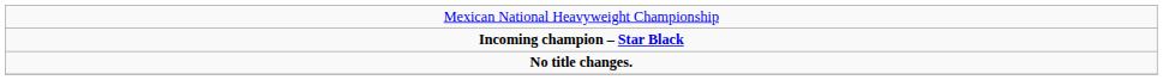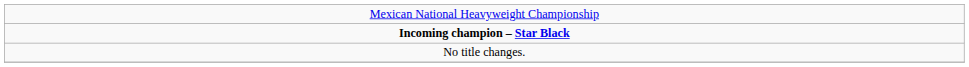 <table class="wikitable" style="text-align:center; width:100%;">
 <tr>
 <td colspan="4" style="text-align: center;"><a href='#'>Mexican National Heavyweight Championship</a></td>
 </tr>
 <tr>
 <td colspan="4" style="text-align: center;"><strong>Incoming champion – <a href='#'>Star Black</a></strong></td>
 </tr>
 <tr>
-<td><strong>No title changes.</strong></td>
+<td>No title changes.</td>
 </tr>
 <tr>
 </tr>
 </table>
